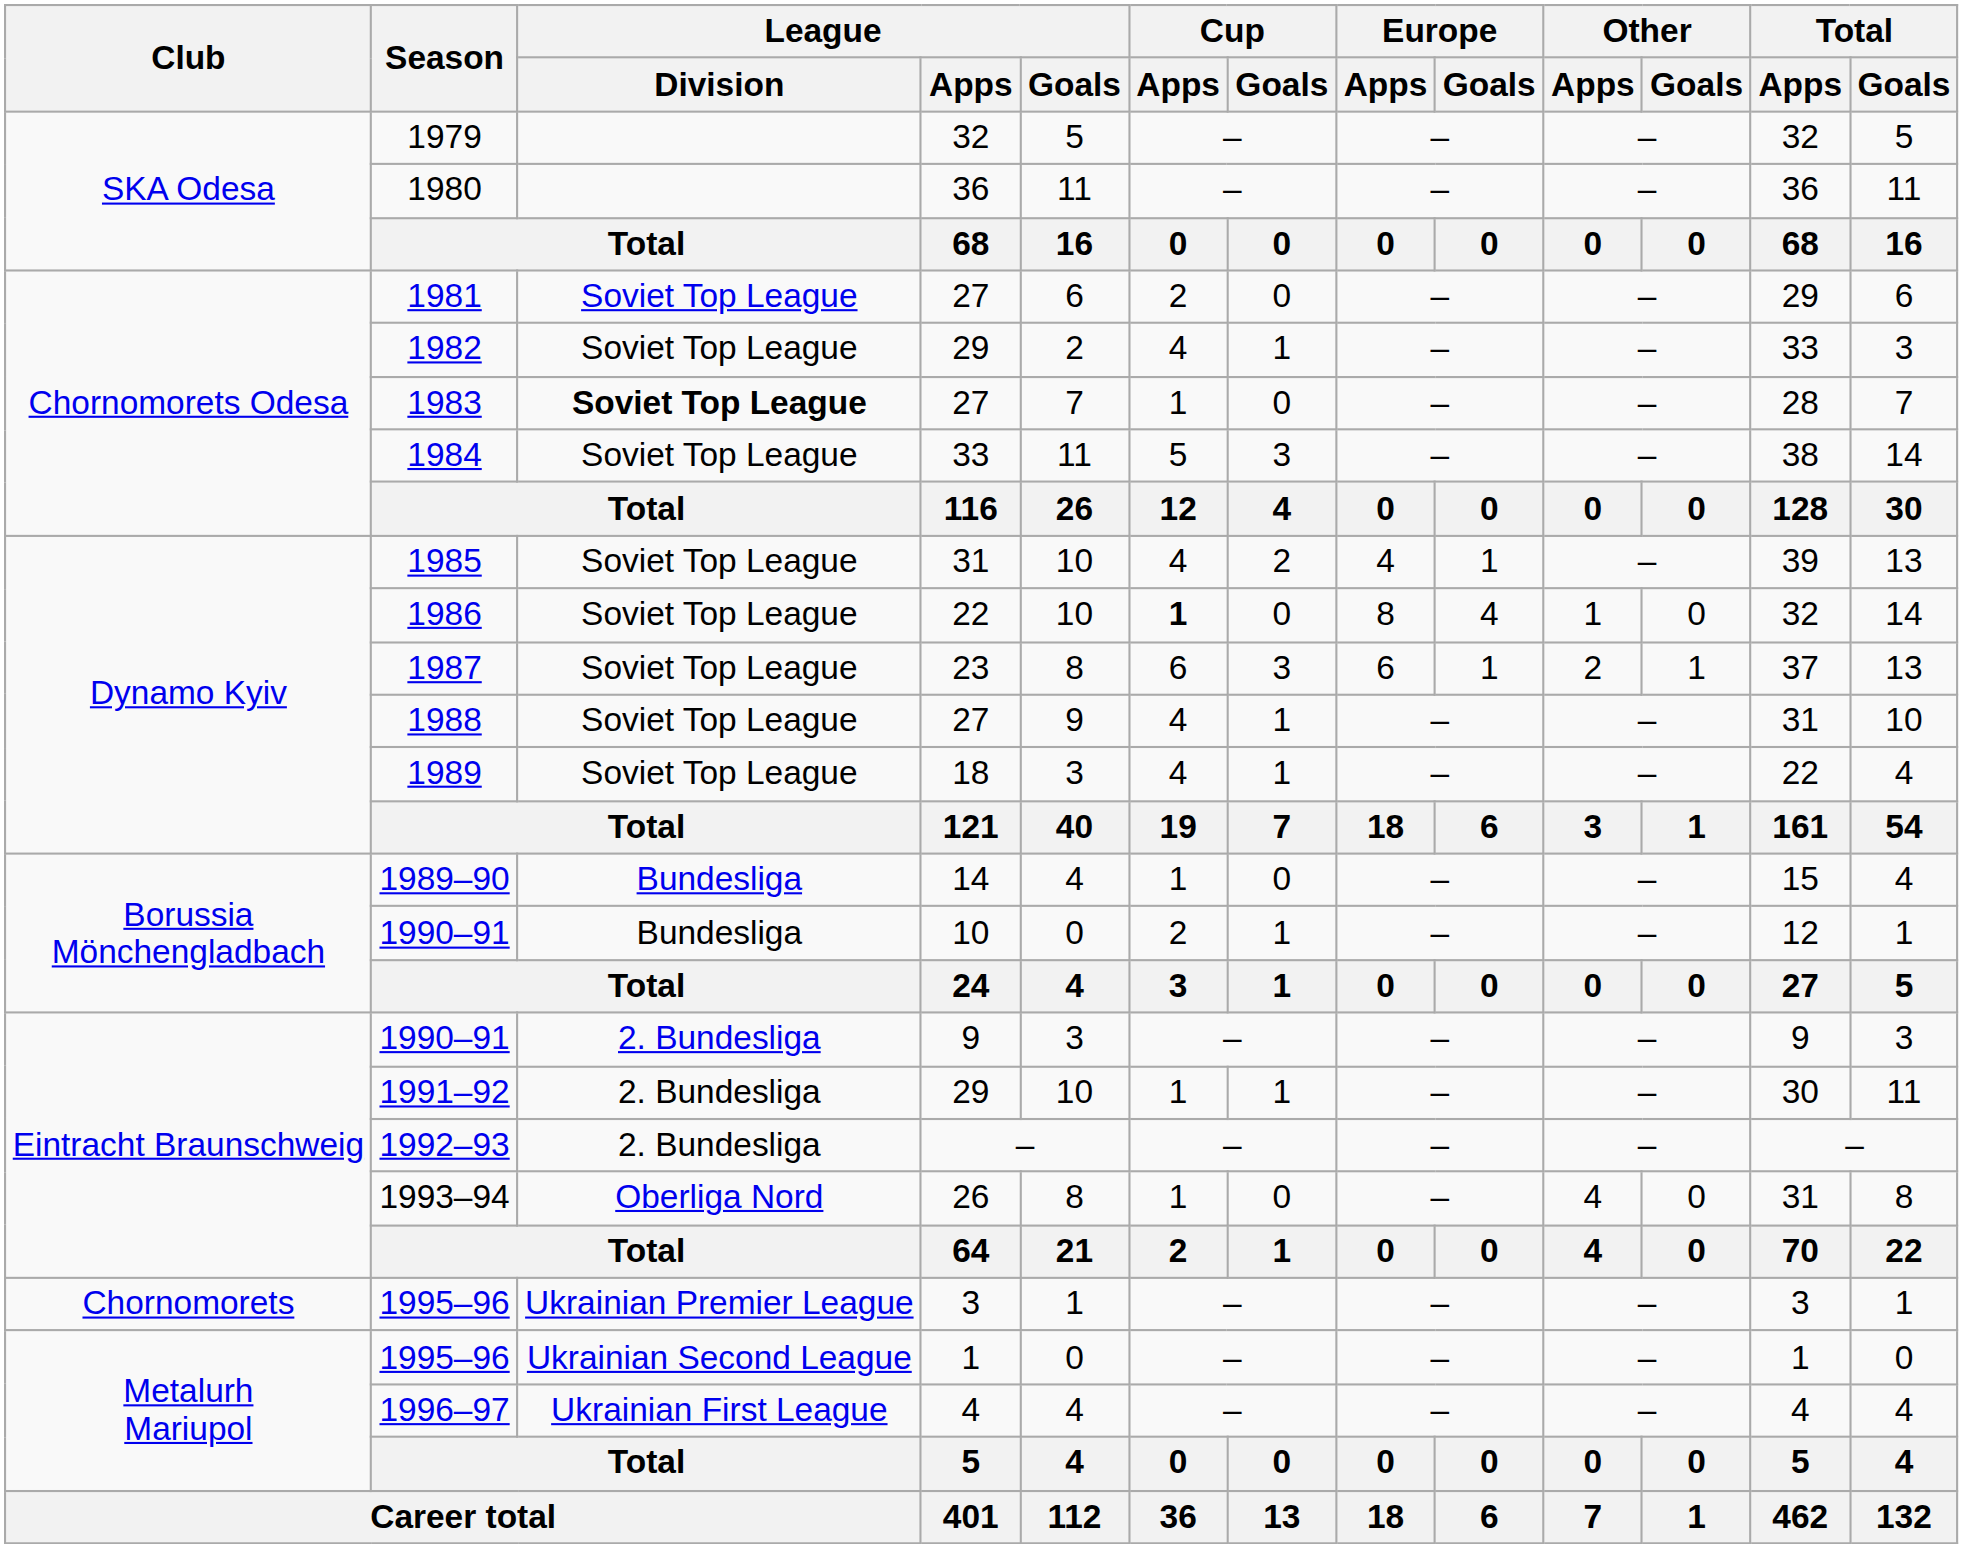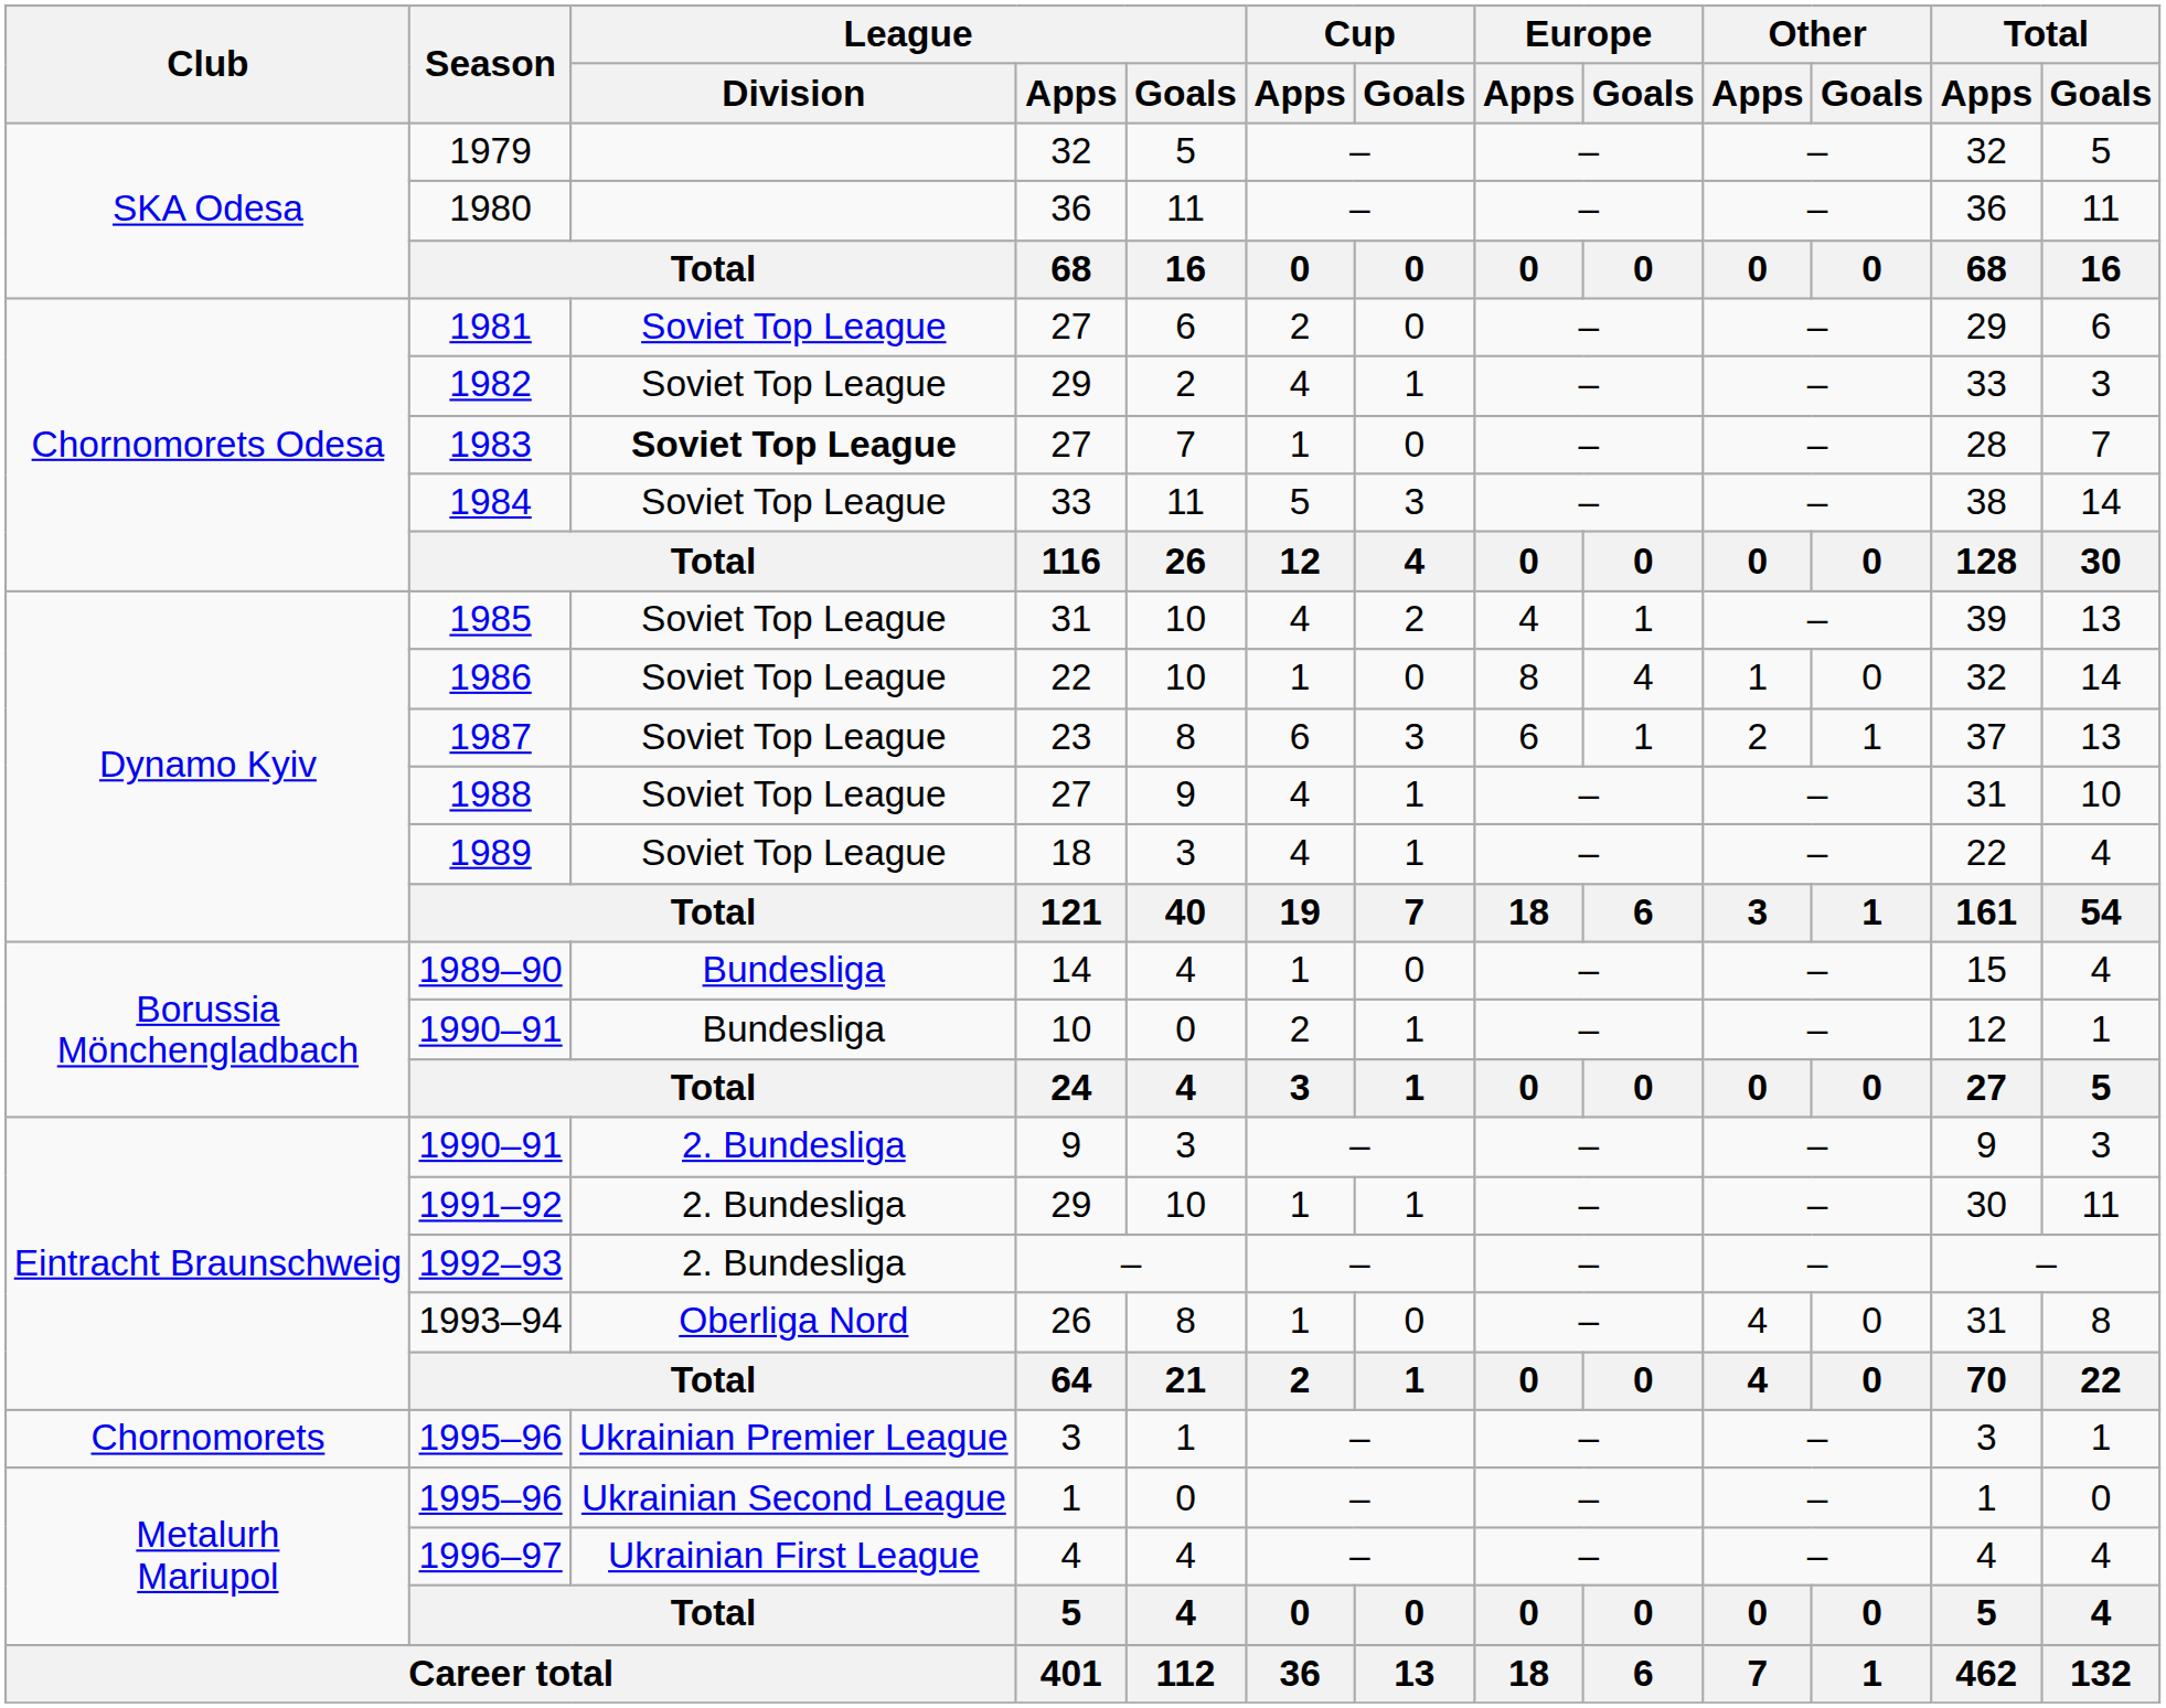 <table class="wikitable" style="text-align:center">
 <tr>
 <th rowspan="2">Club</th>
 <th rowspan="2">Season</th>
 <th colspan="3">League</th>
 <th colspan="2">Cup</th>
 <th colspan="2">Europe</th>
 <th colspan="2">Other</th>
 <th colspan="2">Total</th>
 </tr>
 <tr>
 <th>Division</th>
 <th>Apps</th>
 <th>Goals</th>
 <th>Apps</th>
 <th>Goals</th>
 <th>Apps</th>
 <th>Goals</th>
 <th>Apps</th>
 <th>Goals</th>
 <th>Apps</th>
 <th>Goals</th>
 </tr>
 <tr>
 <td rowspan="3"><a href='#'>SKA Odesa</a></td>
 <td>1979</td>
 <td></td>
 <td>32</td>
 <td>5</td>
 <td colspan="2">–</td>
 <td colspan="2">–</td>
 <td colspan="2">–</td>
 <td>32</td>
 <td>5</td>
 </tr>
 <tr>
 <td>1980</td>
 <td></td>
 <td>36</td>
 <td>11</td>
 <td colspan="2">–</td>
 <td colspan="2">–</td>
 <td colspan="2">–</td>
 <td>36</td>
 <td>11</td>
 </tr>
 <tr>
 <th colspan="2">Total</th>
 <th>68</th>
 <th>16</th>
 <th>0</th>
 <th>0</th>
 <th>0</th>
 <th>0</th>
 <th>0</th>
 <th>0</th>
 <th>68</th>
 <th>16</th>
 </tr>
 <tr>
 <td rowspan="5"><a href='#'>Chornomorets Odesa</a></td>
 <td><a href='#'>1981</a></td>
 <td><a href='#'>Soviet Top League</a></td>
 <td>27</td>
 <td>6</td>
 <td>2</td>
 <td>0</td>
 <td colspan="2">–</td>
 <td colspan="2">–</td>
 <td>29</td>
 <td>6</td>
 </tr>
 <tr>
 <td><a href='#'>1982</a></td>
 <td>Soviet Top League</td>
 <td>29</td>
 <td>2</td>
 <td>4</td>
 <td>1</td>
 <td colspan="2">–</td>
 <td colspan="2">–</td>
 <td>33</td>
 <td>3</td>
 </tr>
 <tr>
 <td><a href='#'>1983</a></td>
 <td><strong>Soviet Top League</strong></td>
 <td>27</td>
 <td>7</td>
 <td>1</td>
 <td>0</td>
 <td colspan="2">–</td>
 <td colspan="2">–</td>
 <td>28</td>
 <td>7</td>
 </tr>
 <tr>
 <td><a href='#'>1984</a></td>
 <td>Soviet Top League</td>
 <td>33</td>
 <td>11</td>
 <td>5</td>
 <td>3</td>
 <td colspan="2">–</td>
 <td colspan="2">–</td>
 <td>38</td>
 <td>14</td>
 </tr>
 <tr>
 <th colspan="2">Total</th>
 <th>116</th>
 <th>26</th>
 <th>12</th>
 <th>4</th>
 <th>0</th>
 <th>0</th>
 <th>0</th>
 <th>0</th>
 <th>128</th>
 <th>30</th>
 </tr>
 <tr>
 <td rowspan="6"><a href='#'>Dynamo Kyiv</a></td>
 <td><a href='#'>1985</a></td>
 <td>Soviet Top League</td>
 <td>31</td>
 <td>10</td>
 <td>4</td>
 <td>2</td>
 <td>4</td>
 <td>1</td>
 <td colspan="2">–</td>
 <td>39</td>
 <td>13</td>
 </tr>
 <tr>
 <td><a href='#'>1986</a></td>
 <td>Soviet Top League</td>
 <td>22</td>
 <td>10</td>
-<td><strong>1</strong></td>
+<td>1</td>
 <td>0</td>
 <td>8</td>
 <td>4</td>
 <td>1</td>
 <td>0</td>
 <td>32</td>
 <td>14</td>
 </tr>
 <tr>
 <td><a href='#'>1987</a></td>
 <td>Soviet Top League</td>
 <td>23</td>
 <td>8</td>
 <td>6</td>
 <td>3</td>
 <td>6</td>
 <td>1</td>
 <td>2</td>
 <td>1</td>
 <td>37</td>
 <td>13</td>
 </tr>
 <tr>
 <td><a href='#'>1988</a></td>
 <td>Soviet Top League</td>
 <td>27</td>
 <td>9</td>
 <td>4</td>
 <td>1</td>
 <td colspan="2">–</td>
 <td colspan="2">–</td>
 <td>31</td>
 <td>10</td>
 </tr>
 <tr>
 <td><a href='#'>1989</a></td>
 <td>Soviet Top League</td>
 <td>18</td>
 <td>3</td>
 <td>4</td>
 <td>1</td>
 <td colspan="2">–</td>
 <td colspan="2">–</td>
 <td>22</td>
 <td>4</td>
 </tr>
 <tr>
 <th colspan="2">Total</th>
 <th>121</th>
 <th>40</th>
 <th>19</th>
 <th>7</th>
 <th>18</th>
 <th>6</th>
 <th>3</th>
 <th>1</th>
 <th>161</th>
 <th>54</th>
 </tr>
 <tr>
 <td rowspan="3"><a href='#'>Borussia<br>Mönchengladbach</a></td>
 <td><a href='#'>1989–90</a></td>
 <td><a href='#'>Bundesliga</a></td>
 <td>14</td>
 <td>4</td>
 <td>1</td>
 <td>0</td>
 <td colspan="2">–</td>
 <td colspan="2">–</td>
 <td>15</td>
 <td>4</td>
 </tr>
 <tr>
 <td><a href='#'>1990–91</a></td>
 <td>Bundesliga</td>
 <td>10</td>
 <td>0</td>
 <td>2</td>
 <td>1</td>
 <td colspan="2">–</td>
 <td colspan="2">–</td>
 <td>12</td>
 <td>1</td>
 </tr>
 <tr>
 <th colspan="2">Total</th>
 <th>24</th>
 <th>4</th>
 <th>3</th>
 <th>1</th>
 <th>0</th>
 <th>0</th>
 <th>0</th>
 <th>0</th>
 <th>27</th>
 <th>5</th>
 </tr>
 <tr>
 <td rowspan="5"><a href='#'>Eintracht Braunschweig</a></td>
 <td><a href='#'>1990–91</a></td>
 <td><a href='#'>2. Bundesliga</a></td>
 <td>9</td>
 <td>3</td>
 <td colspan="2">–</td>
 <td colspan="2">–</td>
 <td colspan="2">–</td>
 <td>9</td>
 <td>3</td>
 </tr>
 <tr>
 <td><a href='#'>1991–92</a></td>
 <td>2. Bundesliga</td>
 <td>29</td>
 <td>10</td>
 <td>1</td>
 <td>1</td>
 <td colspan="2">–</td>
 <td colspan="2">–</td>
 <td>30</td>
 <td>11</td>
 </tr>
 <tr>
 <td><a href='#'>1992–93</a></td>
 <td>2. Bundesliga</td>
 <td colspan="2">–</td>
 <td colspan="2">–</td>
 <td colspan="2">–</td>
 <td colspan="2">–</td>
 <td colspan="2">–</td>
 </tr>
 <tr>
 <td>1993–94 </td>
 <td><a href='#'>Oberliga Nord</a></td>
 <td>26</td>
 <td>8</td>
 <td>1</td>
 <td>0</td>
 <td colspan="2">–</td>
 <td>4</td>
 <td>0</td>
 <td>31</td>
 <td>8</td>
 </tr>
 <tr>
 <th colspan="2">Total</th>
 <th>64</th>
 <th>21</th>
 <th>2</th>
 <th>1</th>
 <th>0</th>
 <th>0</th>
 <th>4</th>
 <th>0</th>
 <th>70</th>
 <th>22</th>
 </tr>
 <tr>
 <td><a href='#'>Chornomorets</a></td>
 <td><a href='#'>1995–96</a></td>
 <td><a href='#'>Ukrainian Premier League</a></td>
 <td>3</td>
 <td>1</td>
 <td colspan="2">–</td>
 <td colspan="2">–</td>
 <td colspan="2">–</td>
 <td>3</td>
 <td>1</td>
 </tr>
 <tr>
 <td rowspan="3"><a href='#'>Metalurh<br>Mariupol</a></td>
 <td><a href='#'>1995–96</a></td>
 <td><a href='#'>Ukrainian Second League</a></td>
 <td>1</td>
 <td>0</td>
 <td colspan="2">–</td>
 <td colspan="2">–</td>
 <td colspan="2">–</td>
 <td>1</td>
 <td>0</td>
 </tr>
 <tr>
 <td><a href='#'>1996–97</a></td>
 <td><a href='#'>Ukrainian First League</a></td>
 <td>4</td>
 <td>4</td>
 <td colspan="2">–</td>
 <td colspan="2">–</td>
 <td colspan="2">–</td>
 <td>4</td>
 <td>4</td>
 </tr>
 <tr>
 <th colspan="2">Total</th>
 <th>5</th>
 <th>4</th>
 <th>0</th>
 <th>0</th>
 <th>0</th>
 <th>0</th>
 <th>0</th>
 <th>0</th>
 <th>5</th>
 <th>4</th>
 </tr>
 <tr>
 <th colspan="3">Career total</th>
 <th>401</th>
 <th>112</th>
 <th>36</th>
 <th>13</th>
 <th>18</th>
 <th>6</th>
 <th>7</th>
 <th>1</th>
 <th>462</th>
 <th>132</th>
 </tr>
 </table>
